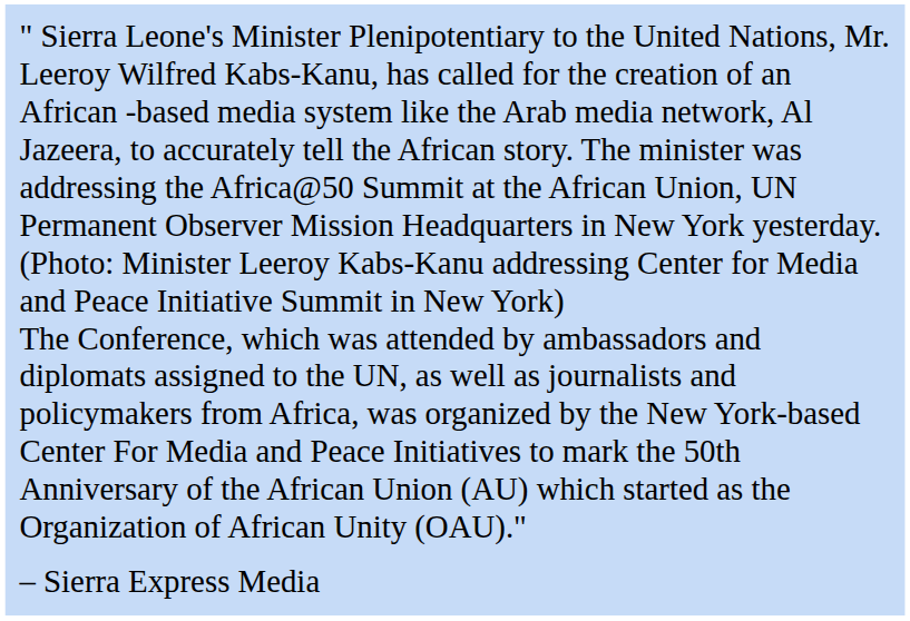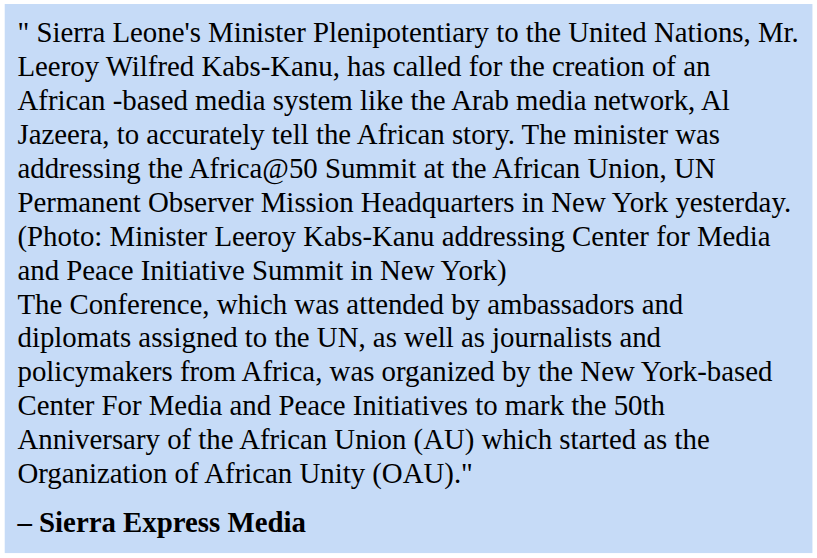 <table class="toccolours" style="float: right; margin-left: 1em; margin-right: 2em; font-size: 85%; background:#c6dbf7; color:black; width:28em; max-width: 40%;" cellspacing="5">
 <tr>
 <td style="text-align: left;">" Sierra Leone's Minister Plenipotentiary to the United Nations, Mr. Leeroy Wilfred Kabs-Kanu, has called for the creation of an African -based media system like the Arab media network, Al Jazeera, to accurately tell the African story.  The minister was addressing the Africa@50 Summit at the African Union, UN Permanent Observer Mission Headquarters in New York yesterday. (Photo: Minister Leeroy Kabs-Kanu addressing Center for Media and Peace Initiative Summit in New York)<br>The Conference, which was attended by ambassadors and diplomats assigned to the UN, as well as journalists and policymakers from Africa, was organized by the New York-based Center For Media and Peace Initiatives to mark the 50th Anniversary of the African Union (AU) which started as the Organization of African Unity (OAU)."</td>
 </tr>
 <tr>
-<td style="text-align: left;">– Sierra Express Media</td>
+<td style="text-align: left;"><strong>– Sierra Express Media</strong></td>
 </tr>
 </table>
